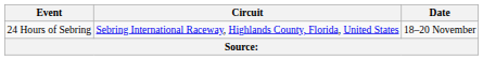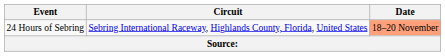 <table class="wikitable" style="font-size: 85%;">
 <tr>
 <th>Event</th>
 <th>Circuit</th>
 <th>Date</th>
 </tr>
 <tr>
 <td>24 Hours of Sebring</td>
 <td> <a href='#'>Sebring International Raceway</a>, <a href='#'>Highlands County, Florida</a>, <a href='#'>United States</a></td>
-<td>18–20 November</td>
+<td style="background: lightsalmon;">18–20 November</td>
 </tr>
 <tr>
 <th colspan="3">Source:</th>
 </tr>
 </table>
